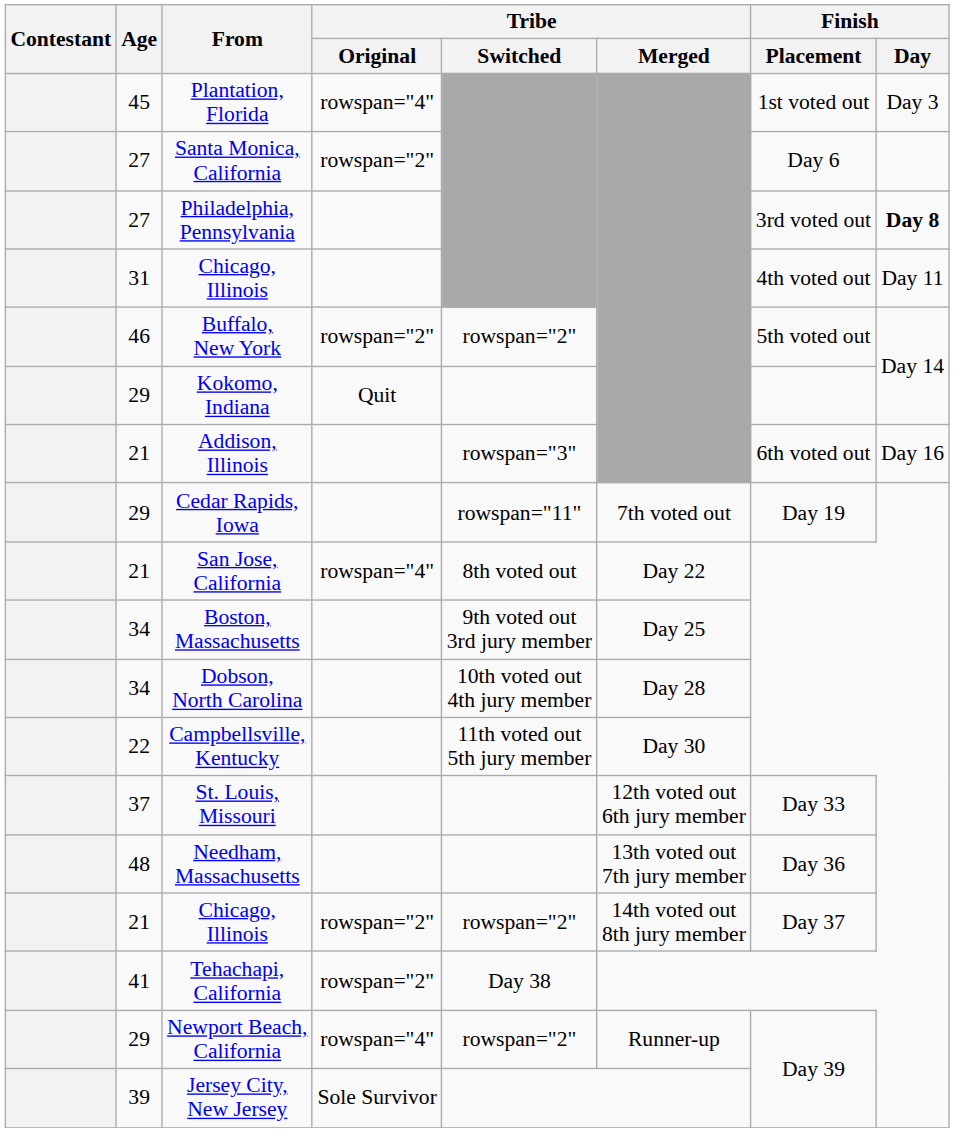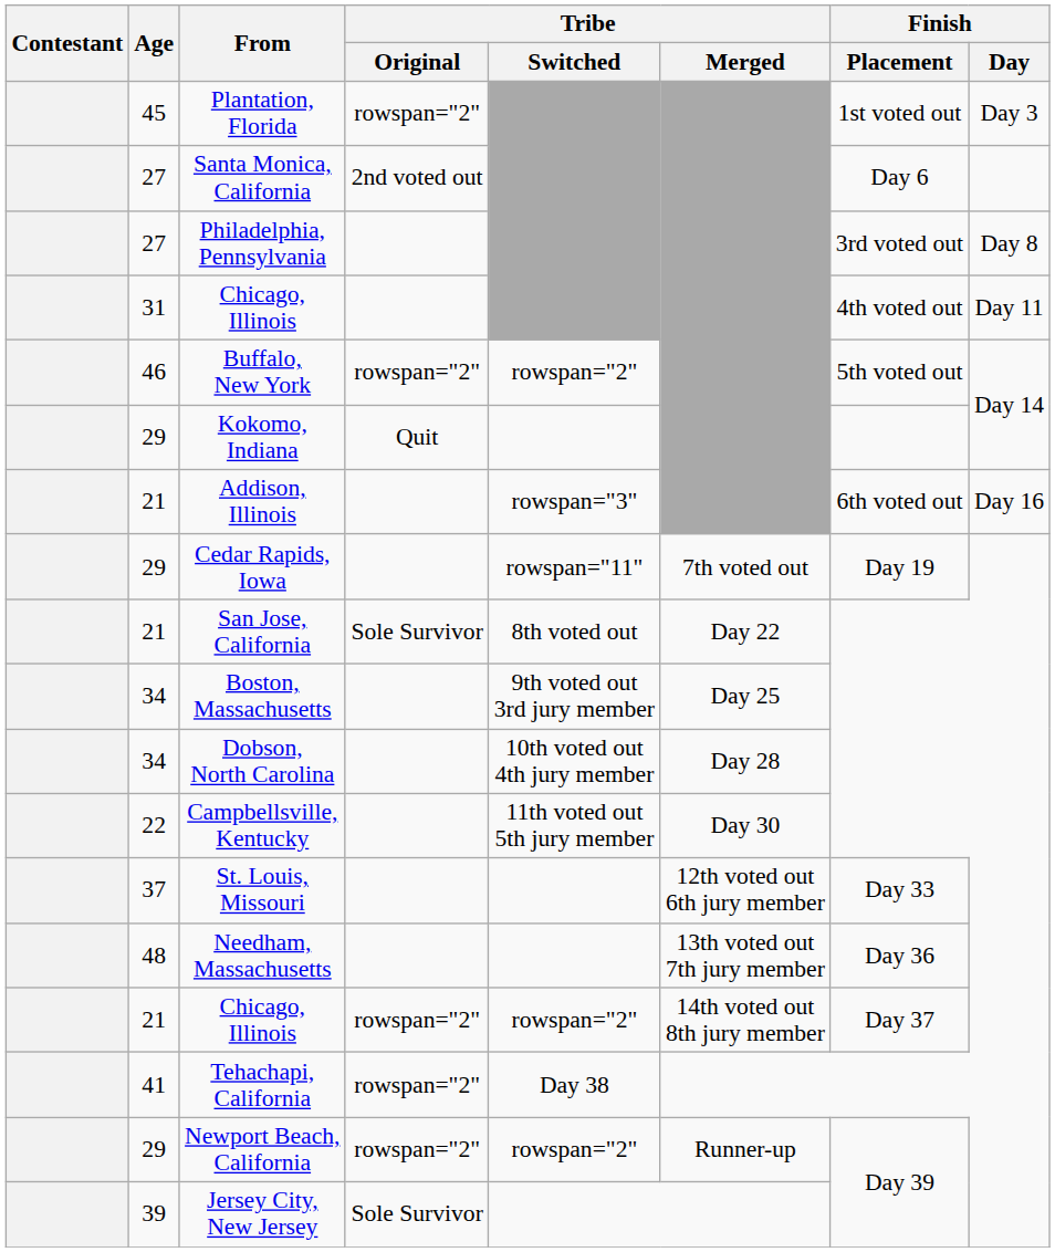 <table class="wikitable sortable" style="margin:auto; text-align:center">
 <tr>
 <th rowspan="2" scope="col">Contestant</th>
 <th rowspan="2" scope="col">Age</th>
 <th rowspan="2" scope="col" class=unsortable>From</th>
 <th colspan="3" scope="colgroup">Tribe</th>
 <th colspan="2" scope="colgroup">Finish</th>
 </tr>
 <tr>
 <th scope="col">Original</th>
 <th scope="col">Switched</th>
 <th scope="col" class=unsortable>Merged</th>
 <th scope="col" class=unsortable>Placement</th>
 <th scope="col" class=unsortable>Day</th>
 </tr>
 <tr>
 <th scope="row" style="text-align:left"></th>
 <td>45</td>
 <td><a href='#'>Plantation,<br>Florida</a></td>
-<td>rowspan="4" </td>
+<td>rowspan="2" </td>
 <td rowspan="4" bgcolor="darkgrey"></td>
 <td rowspan="7" bgcolor="darkgrey"></td>
 <td>1st voted out</td>
 <td>Day 3</td>
 </tr>
 <tr>
 <th scope="row" style="text-align:left"></th>
 <td>27</td>
 <td><a href='#'>Santa Monica,<br>California</a></td>
-<td>rowspan="2" </td>
+<td>2nd voted out</td>
 <td>Day 6</td>
 </tr>
 <tr>
 <th scope="row" style="text-align:left"></th>
 <td>27</td>
 <td><a href='#'>Philadelphia,<br>Pennsylvania</a></td>
 <td></td>
 <td>3rd voted out</td>
-<td><strong>Day 8</strong></td>
+<td>Day 8</td>
 </tr>
 <tr>
 <th scope="row" style="text-align:left"></th>
 <td>31</td>
 <td><a href='#'>Chicago,<br>Illinois</a></td>
 <td></td>
 <td>4th voted out</td>
 <td>Day 11</td>
 </tr>
 <tr>
 <th scope="row" style="text-align:left"></th>
 <td>46</td>
 <td><a href='#'>Buffalo,<br>New York</a></td>
 <td>rowspan="2" </td>
 <td>rowspan="2" </td>
 <td>5th voted out</td>
 <td rowspan="2">Day 14</td>
 </tr>
 <tr>
 <th scope="row" style="text-align:left"></th>
 <td>29</td>
 <td><a href='#'>Kokomo,<br>Indiana</a></td>
 <td>Quit</td>
 </tr>
 <tr>
 <th scope="row" style="text-align:left"></th>
 <td>21</td>
 <td><a href='#'>Addison,<br>Illinois</a></td>
 <td></td>
 <td>rowspan="3" </td>
 <td>6th voted out</td>
 <td>Day 16</td>
 </tr>
 <tr>
 <th scope="row" style="text-align:left"></th>
 <td>29</td>
 <td><a href='#'>Cedar Rapids,<br>Iowa</a></td>
 <td></td>
 <td>rowspan="11" </td>
 <td>7th voted out<br></td>
 <td>Day 19</td>
 </tr>
 <tr>
 <th scope="row" style="text-align:left"></th>
 <td>21</td>
 <td><a href='#'>San Jose,<br>California</a></td>
-<td>rowspan="4" </td>
+<td>Sole Survivor</td>
 <td>8th voted out<br></td>
 <td>Day 22</td>
 </tr>
 <tr>
 <th scope="row" style="text-align:left"></th>
 <td>34</td>
 <td><a href='#'>Boston,<br>Massachusetts</a></td>
 <td></td>
 <td>9th voted out<br>3rd jury member</td>
 <td>Day 25</td>
 </tr>
 <tr>
 <th scope="row" style="text-align:left"></th>
 <td>34</td>
 <td><a href='#'>Dobson,<br>North Carolina</a></td>
 <td></td>
 <td>10th voted out<br>4th jury member</td>
 <td>Day 28</td>
 </tr>
 <tr>
 <th scope="row" style="text-align:left"></th>
 <td>22</td>
 <td><a href='#'>Campbellsville,<br>Kentucky</a></td>
 <td></td>
 <td>11th voted out<br>5th jury member</td>
 <td>Day 30</td>
 </tr>
 <tr>
 <th scope="row" style="text-align:left"></th>
 <td>37</td>
 <td><a href='#'>St. Louis,<br>Missouri</a></td>
 <td></td>
 <td></td>
 <td>12th voted out<br>6th jury member</td>
 <td>Day 33</td>
 </tr>
 <tr>
 <th scope="row" style="text-align:left"></th>
 <td>48</td>
 <td><a href='#'>Needham,<br>Massachusetts</a></td>
 <td></td>
 <td></td>
 <td>13th voted out<br>7th jury member</td>
 <td>Day 36</td>
 </tr>
 <tr>
 <th scope="row" style="text-align:left"></th>
 <td>21</td>
 <td><a href='#'>Chicago,<br>Illinois</a></td>
 <td>rowspan="2" </td>
 <td>rowspan="2" </td>
 <td>14th voted out<br>8th jury member</td>
 <td>Day 37</td>
 </tr>
 <tr>
 <th scope="row" style="text-align:left"></th>
 <td>41</td>
 <td><a href='#'>Tehachapi,<br>California</a></td>
 <td>rowspan="2" </td>
 <td>Day 38</td>
 </tr>
 <tr>
 <th scope="row" style="text-align:left"></th>
 <td>29</td>
 <td><a href='#'>Newport Beach,<br>California</a></td>
-<td>rowspan="4" </td>
+<td>rowspan="2" </td>
 <td>rowspan="2" </td>
 <td>Runner-up</td>
 <td rowspan="2">Day 39</td>
 </tr>
 <tr>
 <th scope="row" style="text-align:left"></th>
 <td>39</td>
 <td><a href='#'>Jersey City,<br>New Jersey</a></td>
 <td>Sole Survivor</td>
 </tr>
 </table>
